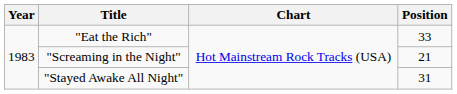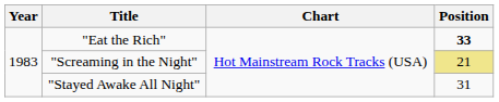 <table class="wikitable" width="540px">
 <tr>
 <th align="center">Year</th>
 <th align="center">Title</th>
 <th align="center">Chart</th>
 <th align="center">Position</th>
 </tr>
 <tr>
 <td align="center" rowspan="3">1983</td>
 <td align="center">"Eat the Rich"</td>
 <td align="center" rowspan="3"><a href='#'>Hot Mainstream Rock Tracks</a> (USA)</td>
-<td align="center">33</td>
+<td align="center"><strong>33</strong></td>
 </tr>
 <tr>
 <td align="center">"Screaming in the Night"</td>
-<td align="center">21</td>
+<td align="center" style="background: khaki;">21</td>
 </tr>
 <tr>
 <td align="center">"Stayed Awake All Night"</td>
 <td align="center">31</td>
 </tr>
 </table>
